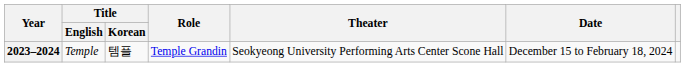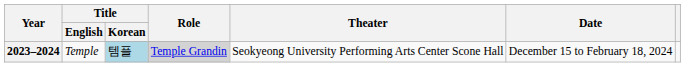 <table class="wikitable plainrowheaders">
 <tr>
 <th scope="col" rowspan="2">Year</th>
 <th scope="col" colspan="2">Title</th>
 <th scope="col" rowspan="2">Role</th>
 <th scope="col" rowspan="2">Theater</th>
 <th scope="col" rowspan="2">Date</th>
 <th scope="col" rowspan="2" class="unsortable"></th>
 </tr>
 <tr>
 <th>English</th>
 <th>Korean</th>
 </tr>
 <tr>
 <th scope="row">2023–2024</th>
 <td><em>Temple</em></td>
-<td>템플</td>
-<td><a href='#'>Temple Grandin</a></td>
+<td style="background: lightblue;">템플</td>
+<td style="background: lightgrey;"><a href='#'>Temple Grandin</a></td>
 <td>Seokyeong University Performing Arts Center Scone Hall</td>
 <td>December 15 to February 18, 2024</td>
 <td></td>
 </tr>
 </table>
